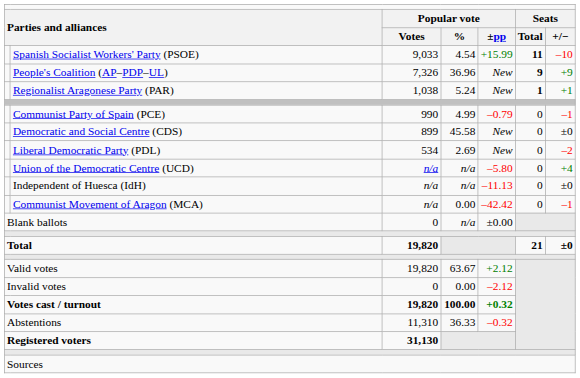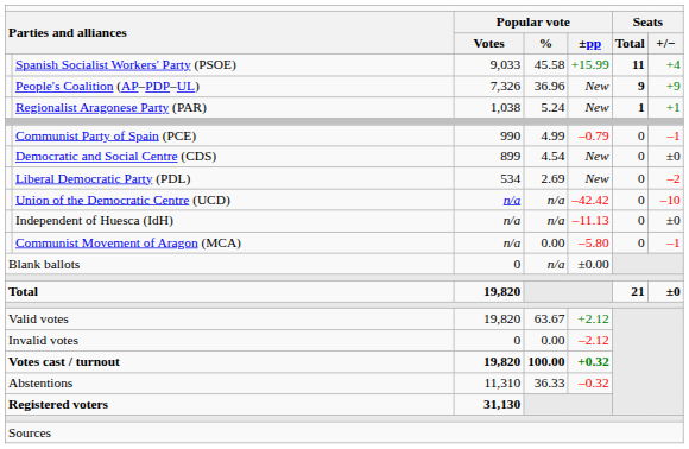 <table class="wikitable" style="text-align:right;">
 <tr>
 <td colspan="7"></td>
 </tr>
 <tr>
 <th style="text-align:left;" rowspan="2" colspan="2" width="525">Parties and alliances</th>
 <th colspan="3">Popular vote</th>
 <th colspan="2">Seats</th>
 </tr>
 <tr>
 <th width="75">Votes</th>
 <th width="45">%</th>
 <th width="45">±<a href='#'>pp</a></th>
 <th width="35">Total</th>
 <th width="35">+/−</th>
 </tr>
 <tr>
 <td width="1" style="color:inherit;background:"></td>
 <td align="left"><a href='#'>Spanish Socialist Workers' Party</a> (PSOE)</td>
 <td>9,033</td>
-<td>4.54</td>
+<td>45.58</td>
 <td style="color:green;">+15.99</td>
 <td><strong>11</strong></td>
-<td style="color:red;">–10</td>
+<td style="color:green;">+4</td>
 </tr>
 <tr>
 <td style="color:inherit;background:"></td>
 <td align="left"><a href='#'>People's Coalition</a> (<a href='#'>AP</a>–<a href='#'>PDP</a>–<a href='#'>UL</a>)</td>
 <td>7,326</td>
 <td>36.96</td>
 <td><em>New</em></td>
 <td><strong>9</strong></td>
 <td style="color:green;">+9</td>
 </tr>
 <tr>
 <td style="color:inherit;background:"></td>
 <td align="left"><a href='#'>Regionalist Aragonese Party</a> (PAR)</td>
 <td>1,038</td>
 <td>5.24</td>
 <td><em>New</em></td>
 <td><strong>1</strong></td>
 <td style="color:green;">+1</td>
 </tr>
 <tr>
 <td colspan="7" bgcolor="#C0C0C0"></td>
 </tr>
 <tr>
 <td style="color:inherit;background:"></td>
 <td align="left"><a href='#'>Communist Party of Spain</a> (PCE)</td>
 <td>990</td>
 <td>4.99</td>
 <td style="color:red;">–0.79</td>
 <td>0</td>
 <td style="color:red;">–1</td>
 </tr>
 <tr>
 <td style="color:inherit;background:"></td>
 <td align="left"><a href='#'>Democratic and Social Centre</a> (CDS)</td>
 <td>899</td>
-<td>45.58</td>
+<td>4.54</td>
 <td><em>New</em></td>
 <td>0</td>
 <td>±0</td>
 </tr>
 <tr>
 <td style="color:inherit;background:"></td>
 <td align="left"><a href='#'>Liberal Democratic Party</a> (PDL)</td>
 <td>534</td>
 <td>2.69</td>
 <td><em>New</em></td>
 <td>0</td>
 <td style="color:red;">–2</td>
 </tr>
 <tr>
 <td style="color:inherit;background:"></td>
 <td align="left"><a href='#'>Union of the Democratic Centre</a> (UCD)</td>
 <td><em><a href='#'>n/a</a></em></td>
 <td><em>n/a</em></td>
-<td style="color:red;">–5.80</td>
+<td style="color:red;">–42.42</td>
 <td>0</td>
-<td style="color:green;">+4</td>
+<td style="color:red;">–10</td>
 </tr>
 <tr>
 <td style="color:inherit;background:"></td>
 <td align="left">Independent of Huesca (IdH)</td>
 <td><em>n/a</em></td>
 <td><em>n/a</em></td>
 <td style="color:red;">–11.13</td>
 <td>0</td>
 <td>±0</td>
 </tr>
 <tr>
 <td style="color:inherit;background:"></td>
 <td align="left"><a href='#'>Communist Movement of Aragon</a> (MCA)</td>
 <td><em>n/a</em></td>
 <td>0.00</td>
-<td style="color:red;">–42.42</td>
+<td style="color:red;">–5.80</td>
 <td>0</td>
 <td style="color:red;">–1</td>
 </tr>
 <tr>
 <td align="left" colspan="2">Blank ballots</td>
 <td>0</td>
 <td><em>n/a</em></td>
 <td>±0.00</td>
 <td bgcolor="#E9E9E9" colspan="2"></td>
 </tr>
 <tr>
 <td colspan="7" bgcolor="#E9E9E9"></td>
 </tr>
 <tr style="font-weight:bold;">
 <td align="left" colspan="2">Total</td>
 <td>19,820</td>
 <td bgcolor="#E9E9E9" colspan="2"></td>
 <td>21</td>
 <td>±0</td>
 </tr>
 <tr>
 <td colspan="7" bgcolor="#E9E9E9"></td>
 </tr>
 <tr>
 <td align="left" colspan="2">Valid votes</td>
 <td>19,820</td>
 <td>63.67</td>
 <td style="color:green;">+2.12</td>
 <td bgcolor="#E9E9E9" colspan="2" rowspan="5"></td>
 </tr>
 <tr>
 <td align="left" colspan="2">Invalid votes</td>
 <td>0</td>
 <td>0.00</td>
 <td style="color:red;">–2.12</td>
 </tr>
 <tr style="font-weight:bold;">
 <td align="left" colspan="2">Votes cast / turnout</td>
 <td>19,820</td>
 <td>100.00</td>
 <td style="color:green;">+0.32</td>
 </tr>
 <tr>
 <td align="left" colspan="2">Abstentions</td>
 <td>11,310</td>
 <td>36.33</td>
 <td style="color:red;">–0.32</td>
 </tr>
 <tr style="font-weight:bold;">
 <td align="left" colspan="2">Registered voters</td>
 <td>31,130</td>
 <td bgcolor="#E9E9E9" colspan="2"></td>
 </tr>
 <tr>
 <td colspan="7" bgcolor="#E9E9E9"></td>
 </tr>
 <tr>
 <td align="left" colspan="7">Sources</td>
 </tr>
 </table>
